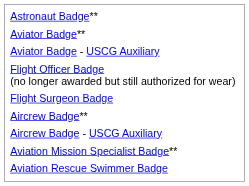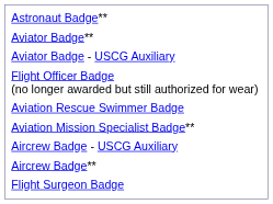 <table style="border:1px solid #8888aa; padding:5px; font-size:95%; float: left; margin: 0px 12px 12px 0px;">
 <tr>
 <td align="left"><a href='#'>Astronaut Badge</a>**</td>
 <td align="center"></td>
 </tr>
 <tr>
 <td></td>
 </tr>
 <tr>
 <td align="left"><a href='#'>Aviator Badge</a>**</td>
 <td align="center"></td>
 </tr>
 <tr>
 <td></td>
 </tr>
 <tr>
 <td align="left"><a href='#'>Aviator Badge</a> - <a href='#'>USCG Auxiliary</a></td>
 <td align="center"></td>
 </tr>
 <tr>
 <td></td>
 </tr>
 <tr>
 <td align="left"><a href='#'>Flight Officer Badge</a> <br>(no longer awarded but still authorized for wear)</td>
 <td align="center"></td>
 </tr>
 <tr>
 <td></td>
 </tr>
 <tr>
-<td align="left"><a href='#'>Flight Surgeon Badge</a></td>
+<td align="left"><a href='#'>Aviation Rescue Swimmer Badge</a></td>
+<td align="center"></td>
+</tr>
+<tr>
+<td></td>
+</tr>
+<tr>
+<td align="left"><a href='#'>Aviation Mission Specialist Badge</a>**</td>
+<td align="center"></td>
+</tr>
+<tr>
+<td></td>
+</tr>
+<tr>
+<td align="left"><a href='#'>Aircrew Badge</a> - <a href='#'>USCG Auxiliary</a></td>
 <td align="center"></td>
 </tr>
 <tr>
 <td></td>
 </tr>
 <tr>
 <td align="left"><a href='#'>Aircrew Badge</a>**</td>
 <td align="center"></td>
 </tr>
 <tr>
 <td></td>
 </tr>
 <tr>
-<td align="left"><a href='#'>Aircrew Badge</a> - <a href='#'>USCG Auxiliary</a></td>
-<td align="center"></td>
-</tr>
-<tr>
-<td></td>
-</tr>
-<tr>
-<td align="left"><a href='#'>Aviation Mission Specialist Badge</a>**</td>
-<td align="center"></td>
-</tr>
-<tr>
-<td></td>
-</tr>
-<tr>
-<td align="left"><a href='#'>Aviation Rescue Swimmer Badge</a></td>
+<td align="left"><a href='#'>Flight Surgeon Badge</a></td>
 <td align="center"></td>
 </tr>
 <tr>
 </tr>
 </table>
